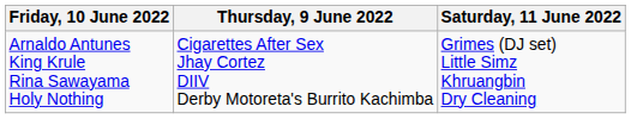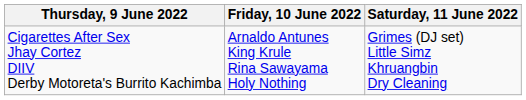 <table class="wikitable">
 <tr>
+<th>Thursday, 9 June 2022</th>
 <th>Friday, 10 June 2022</th>
-<th>Thursday, 9 June 2022</th>
 <th>Saturday, 11 June 2022</th>
 </tr>
 <tr valign="top">
+<td><a href='#'>Cigarettes After Sex</a><br><a href='#'>Jhay Cortez</a><br><a href='#'>DIIV</a><br>Derby Motoreta's Burrito Kachimba</td>
 <td><a href='#'>Arnaldo Antunes</a><br><a href='#'>King Krule</a><br><a href='#'>Rina Sawayama</a><br><a href='#'>Holy Nothing</a></td>
-<td><a href='#'>Cigarettes After Sex</a><br><a href='#'>Jhay Cortez</a><br><a href='#'>DIIV</a><br>Derby Motoreta's Burrito Kachimba</td>
 <td><a href='#'>Grimes</a> (DJ set)<br><a href='#'>Little Simz</a><br><a href='#'>Khruangbin</a><br><a href='#'>Dry Cleaning</a></td>
 </tr>
 </table>
